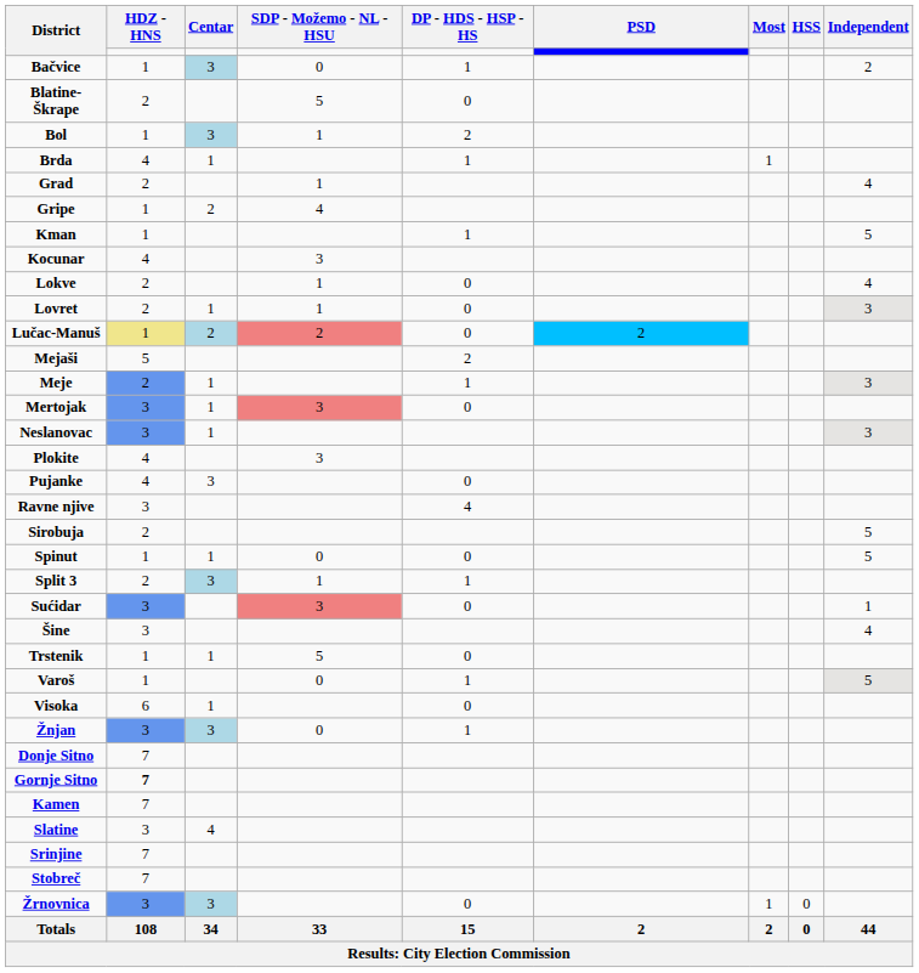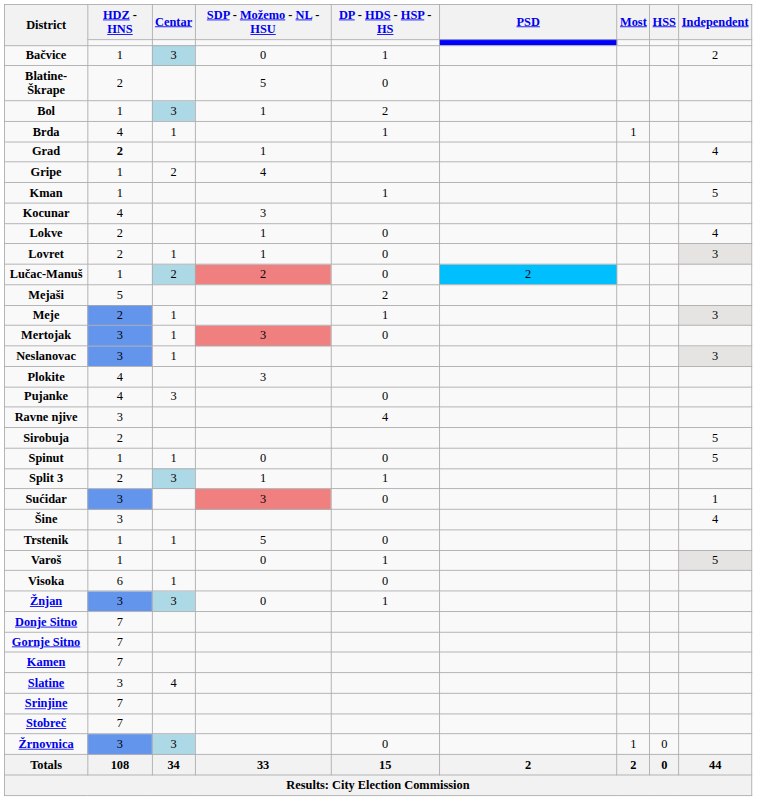 <table class="wikitable" style="text-align:center; font-size:90%;">
 <tr>
 <th rowspan="2">District</th>
 <th><a href='#'>HDZ</a> - <a href='#'>HNS</a></th>
 <th><a href='#'>Centar</a></th>
 <th><a href='#'>SDP</a> - <a href='#'>Možemo</a> - <a href='#'>NL</a> - <a href='#'>HSU</a></th>
 <th><a href='#'>DP</a> - <a href='#'>HDS</a> - <a href='#'>HSP</a> - <a href='#'>HS</a></th>
 <th><a href='#'>PSD</a></th>
 <th><a href='#'>Most</a></th>
 <th><a href='#'>HSS</a></th>
 <th><a href='#'>Independent</a></th>
 </tr>
 <tr>
 <td style="background: "></td>
 <td style="background: "></td>
 <td style="background: "></td>
 <td style="background: "></td>
 <td style="background: blue" width="200px"></td>
 <td style="background: "></td>
 <td style="background: "></td>
 <td style="background: "></td>
 </tr>
 <tr>
 <td><strong>Bačvice</strong></td>
 <td>1</td>
 <td style="background: lightblue">3</td>
 <td>0</td>
 <td>1</td>
 <td></td>
 <td></td>
 <td></td>
 <td>2 </td>
 </tr>
 <tr>
 <td><strong>Blatine-Škrape</strong></td>
 <td>2</td>
 <td></td>
 <td style="background: ">5</td>
 <td>0</td>
 <td></td>
 <td></td>
 <td></td>
 <td></td>
 </tr>
 <tr>
 <td><strong>Bol</strong></td>
 <td>1</td>
 <td style="background: lightblue">3</td>
 <td>1</td>
 <td>2</td>
 <td></td>
 <td></td>
 <td></td>
 <td></td>
 </tr>
 <tr>
 <td><strong>Brda</strong></td>
 <td style="background: ">4</td>
 <td>1</td>
 <td></td>
 <td>1</td>
 <td></td>
 <td>1</td>
 <td></td>
 <td></td>
 </tr>
 <tr>
 <td><strong>Grad</strong></td>
-<td>2</td>
+<td><strong>2</strong></td>
 <td></td>
 <td>1</td>
 <td></td>
 <td></td>
 <td></td>
 <td></td>
 <td style="background: ">4 </td>
 </tr>
 <tr>
 <td><strong>Gripe</strong></td>
 <td>1</td>
 <td>2</td>
 <td style="background: ">4</td>
 <td></td>
 <td></td>
 <td></td>
 <td></td>
 <td></td>
 </tr>
 <tr>
 <td><strong>Kman</strong></td>
 <td>1</td>
 <td></td>
 <td></td>
 <td>1</td>
 <td></td>
 <td></td>
 <td></td>
 <td style="background: ">5 </td>
 </tr>
 <tr>
 <td><strong>Kocunar</strong></td>
 <td style="background: ">4</td>
 <td></td>
 <td>3</td>
 <td></td>
 <td></td>
 <td></td>
 <td></td>
 <td></td>
 </tr>
 <tr>
 <td><strong>Lokve</strong></td>
 <td>2</td>
 <td></td>
 <td>1</td>
 <td>0</td>
 <td></td>
 <td></td>
 <td></td>
 <td style="background: ">4 </td>
 </tr>
 <tr>
 <td><strong>Lovret</strong></td>
 <td>2</td>
 <td>1</td>
 <td>1</td>
 <td>0</td>
 <td></td>
 <td></td>
 <td></td>
 <td style="background: #E5E4E2">3 </td>
 </tr>
 <tr>
 <td><strong>Lučac-Manuš</strong></td>
-<td style="background: khaki;">1</td>
+<td>1</td>
 <td style="background: lightblue">2</td>
 <td style="background: LightCoral">2</td>
 <td>0</td>
 <td style="background: DeepSkyBlue">2</td>
 <td></td>
 <td></td>
 <td></td>
 </tr>
 <tr>
 <td><strong>Mejaši</strong></td>
 <td style="background: ">5</td>
 <td></td>
 <td></td>
 <td>2</td>
 <td></td>
 <td></td>
 <td></td>
 <td></td>
 </tr>
 <tr>
 <td><strong>Meje</strong></td>
 <td style="background: CornflowerBlue">2</td>
 <td>1</td>
 <td></td>
 <td>1</td>
 <td></td>
 <td></td>
 <td></td>
 <td style="background: #E5E4E2">3 </td>
 </tr>
 <tr>
 <td><strong>Mertojak</strong></td>
 <td style="background: CornflowerBlue">3</td>
 <td>1</td>
 <td style="background: LightCoral">3 </td>
 <td>0</td>
 <td></td>
 <td></td>
 <td></td>
 <td></td>
 </tr>
 <tr>
 <td><strong>Neslanovac</strong></td>
 <td style="background: CornflowerBlue">3</td>
 <td>1</td>
 <td></td>
 <td></td>
 <td></td>
 <td></td>
 <td></td>
 <td style="background: #E5E4E2">3 </td>
 </tr>
 <tr>
 <td><strong>Plokite</strong></td>
 <td style="background: ">4</td>
 <td></td>
 <td>3</td>
 <td></td>
 <td></td>
 <td></td>
 <td></td>
 <td></td>
 </tr>
 <tr>
 <td><strong>Pujanke</strong></td>
 <td style="background: ">4</td>
 <td>3</td>
 <td></td>
 <td>0</td>
 <td></td>
 <td></td>
 <td></td>
 <td></td>
 </tr>
 <tr>
 <td><strong>Ravne njive</strong></td>
 <td>3</td>
 <td></td>
 <td></td>
 <td style="background: ">4</td>
 <td></td>
 <td></td>
 <td></td>
 <td></td>
 </tr>
 <tr>
 <td><strong>Sirobuja</strong></td>
 <td>2</td>
 <td></td>
 <td></td>
 <td></td>
 <td></td>
 <td></td>
 <td></td>
 <td style="background: ">5 </td>
 </tr>
 <tr>
 <td><strong>Spinut</strong></td>
 <td>1</td>
 <td>1</td>
 <td>0</td>
 <td>0</td>
 <td></td>
 <td></td>
 <td></td>
 <td style="background: ">5 </td>
 </tr>
 <tr>
 <td><strong>Split 3</strong></td>
 <td>2</td>
 <td style="background: lightblue">3</td>
 <td>1</td>
 <td>1</td>
 <td></td>
 <td></td>
 <td></td>
 <td></td>
 </tr>
 <tr>
 <td><strong>Sućidar</strong></td>
 <td style="background: CornflowerBlue">3</td>
 <td></td>
 <td style="background: LightCoral">3</td>
 <td>0</td>
 <td></td>
 <td></td>
 <td></td>
 <td>1 </td>
 </tr>
 <tr>
 <td><strong>Šine</strong></td>
 <td>3</td>
 <td></td>
 <td></td>
 <td></td>
 <td></td>
 <td></td>
 <td></td>
 <td style="background: ">4 </td>
 </tr>
 <tr>
 <td><strong>Trstenik</strong></td>
 <td>1</td>
 <td>1</td>
 <td style="background: ">5</td>
 <td>0</td>
 <td></td>
 <td></td>
 <td></td>
 <td></td>
 </tr>
 <tr>
 <td><strong>Varoš</strong></td>
 <td>1</td>
 <td></td>
 <td>0</td>
 <td>1</td>
 <td></td>
 <td></td>
 <td></td>
 <td style="background: #E5E4E2">5 </td>
 </tr>
 <tr>
 <td><strong>Visoka</strong></td>
 <td style="background: ">6</td>
 <td>1</td>
 <td></td>
 <td>0</td>
 <td></td>
 <td></td>
 <td></td>
 <td></td>
 </tr>
 <tr>
 <td><strong><a href='#'>Žnjan</a></strong></td>
 <td style="background: CornflowerBlue">3</td>
 <td style="background: lightblue">3</td>
 <td>0</td>
 <td>1</td>
 <td></td>
 <td></td>
 <td></td>
 <td></td>
 </tr>
 <tr>
 <td><strong><a href='#'>Donje Sitno</a></strong></td>
 <td style="background: ">7</td>
 <td></td>
 <td></td>
 <td></td>
 <td></td>
 <td></td>
 <td></td>
 <td></td>
 </tr>
 <tr>
 <td><strong><a href='#'>Gornje Sitno</a></strong></td>
-<td style="background: "><strong>7</strong></td>
+<td style="background: ">7</td>
 <td></td>
 <td></td>
 <td></td>
 <td></td>
 <td></td>
 <td></td>
 <td></td>
 </tr>
 <tr>
 <td><strong><a href='#'>Kamen</a></strong></td>
 <td style="background: ">7</td>
 <td></td>
 <td></td>
 <td></td>
 <td></td>
 <td></td>
 <td></td>
 <td></td>
 </tr>
 <tr>
 <td><strong><a href='#'>Slatine</a></strong></td>
 <td>3</td>
 <td style="background: ">4</td>
 <td></td>
 <td></td>
 <td></td>
 <td></td>
 <td></td>
 <td></td>
 </tr>
 <tr>
 <td><strong><a href='#'>Srinjine</a></strong></td>
 <td style="background: ">7</td>
 <td></td>
 <td></td>
 <td></td>
 <td></td>
 <td></td>
 <td></td>
 <td></td>
 </tr>
 <tr>
 <td><strong><a href='#'>Stobreč</a></strong></td>
 <td style="background: ">7</td>
 <td></td>
 <td></td>
 <td></td>
 <td></td>
 <td></td>
 <td></td>
 <td></td>
 </tr>
 <tr>
 <td><strong><a href='#'>Žrnovnica</a></strong></td>
 <td style="background: CornflowerBlue">3</td>
 <td style="background: lightblue">3</td>
 <td></td>
 <td>0</td>
 <td></td>
 <td>1</td>
 <td>0</td>
 <td></td>
 </tr>
 <tr>
 <th>Totals</th>
 <th>108</th>
 <th>34</th>
 <th>33</th>
 <th>15</th>
 <th>2</th>
 <th>2</th>
 <th>0</th>
 <th>44</th>
 </tr>
 <tr>
 <th colspan="9">Results: City Election Commission</th>
 </tr>
 </table>
